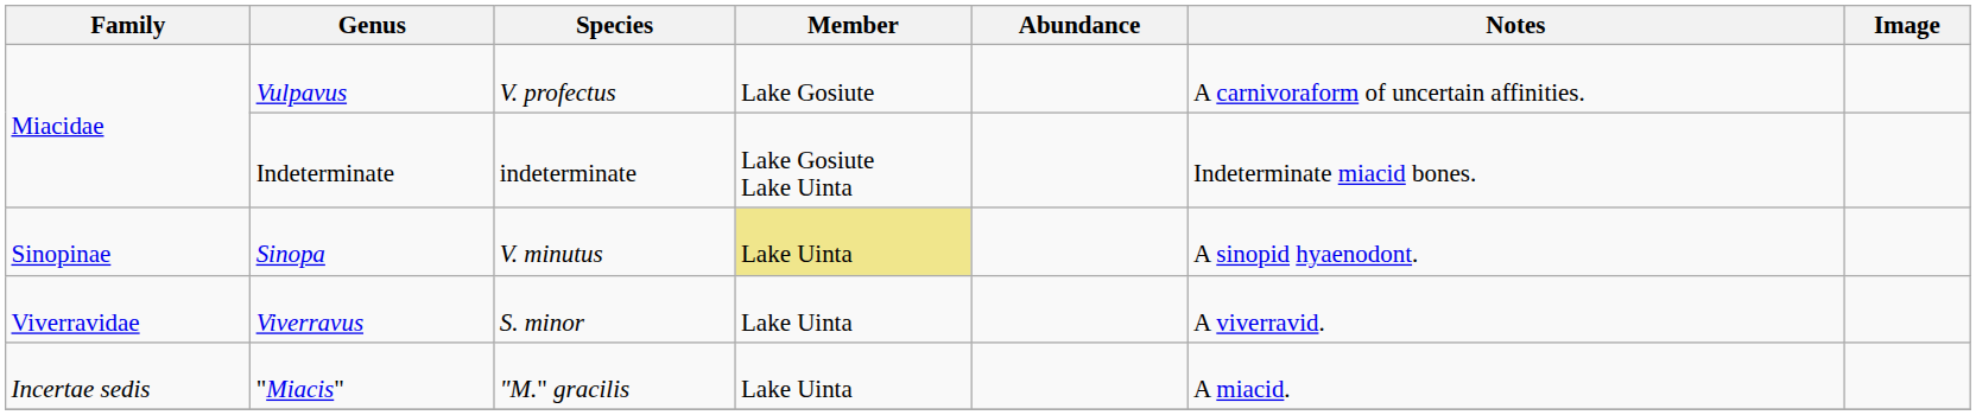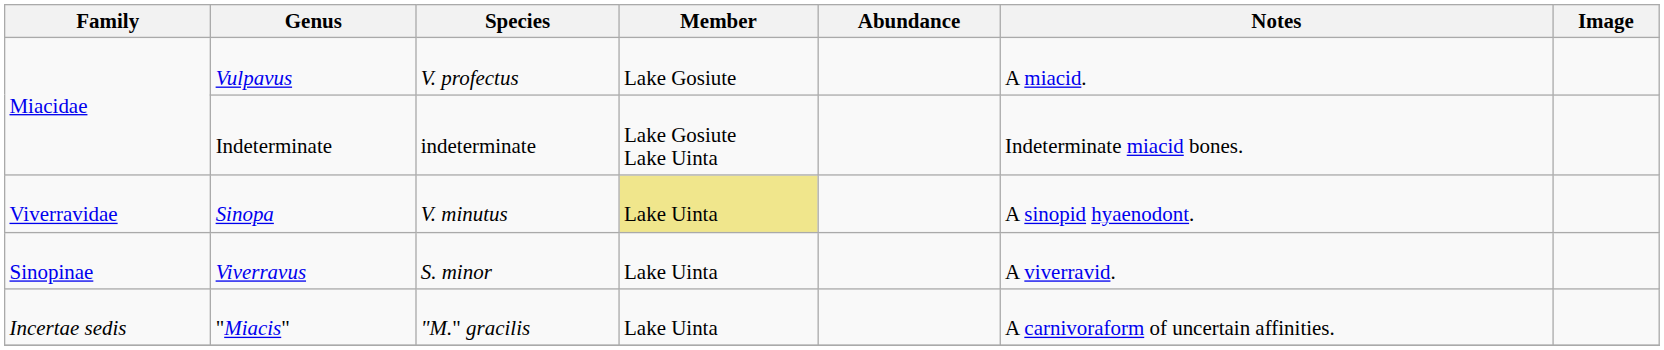 <table class="wikitable" style="margin:auto;width:100%;">
 <tr>
 <th>Family</th>
 <th>Genus</th>
 <th>Species</th>
 <th>Member</th>
 <th>Abundance</th>
 <th>Notes</th>
 <th>Image</th>
 </tr>
 <tr>
 <td rowspan=2><a href='#'>Miacidae</a></td>
 <td><br><em><a href='#'>Vulpavus</a></em></td>
 <td><br><em>V. profectus</em></td>
 <td><br>Lake Gosiute</td>
 <td></td>
-<td><br>A <a href='#'>carnivoraform</a> of uncertain affinities.</td>
+<td><br>A <a href='#'>miacid</a>.</td>
 <td><br></td>
 </tr>
 <tr>
 <td><br>Indeterminate</td>
 <td><br>indeterminate</td>
 <td><br>Lake Gosiute<br> Lake Uinta</td>
 <td></td>
 <td><br>Indeterminate <a href='#'>miacid</a> bones.</td>
 <td></td>
 </tr>
 <tr>
-<td><br><a href='#'>Sinopinae</a></td>
+<td><br><a href='#'>Viverravidae</a></td>
 <td><br><em><a href='#'>Sinopa</a></em></td>
 <td><br><em>V. minutus</em></td>
 <td style="background: khaki;"><br>Lake Uinta</td>
 <td></td>
 <td><br>A <a href='#'>sinopid</a> <a href='#'>hyaenodont</a>.</td>
 <td><br></td>
 </tr>
 <tr>
-<td><br><a href='#'>Viverravidae</a></td>
+<td><br><a href='#'>Sinopinae</a></td>
 <td><br><em><a href='#'>Viverravus</a></em></td>
 <td><br><em>S. minor</em></td>
 <td><br>Lake Uinta</td>
 <td></td>
 <td><br>A <a href='#'>viverravid</a>.</td>
 <td><br></td>
 </tr>
 <tr>
 <td><br><em>Incertae sedis</em></td>
 <td><br>"<em><a href='#'>Miacis</a></em>"</td>
 <td><br><em>"M.</em>" <em>gracilis</em></td>
 <td><br>Lake Uinta</td>
 <td></td>
-<td><br>A <a href='#'>miacid</a>.</td>
+<td><br>A <a href='#'>carnivoraform</a> of uncertain affinities.</td>
 <td></td>
 </tr>
 <tr>
 </tr>
 </table>
